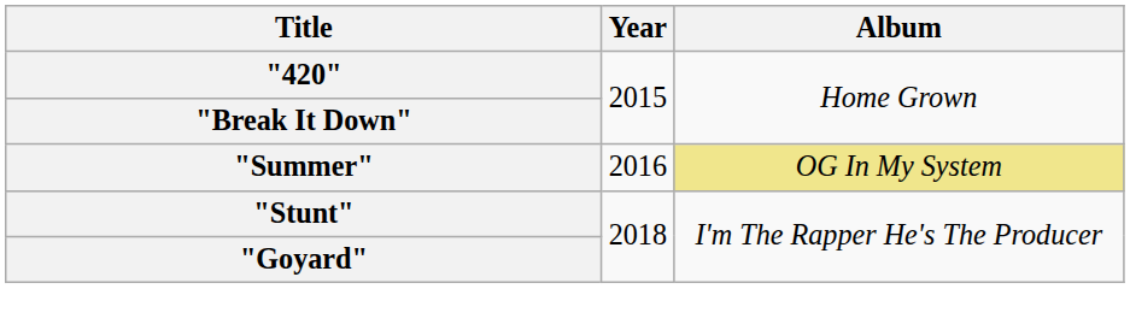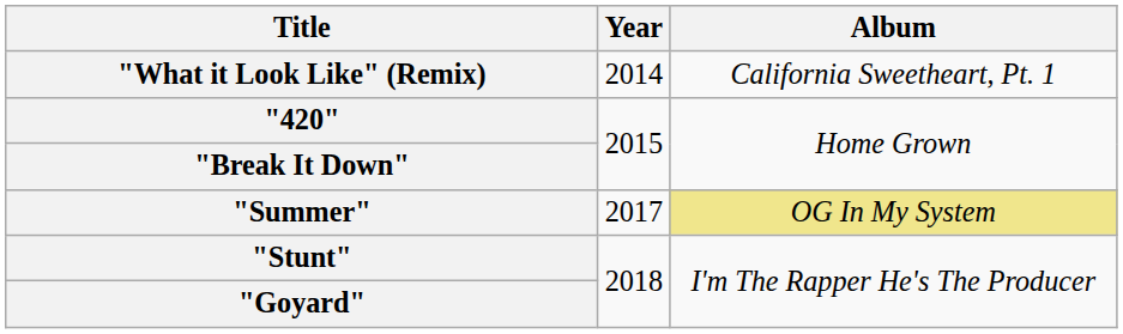 <table class="wikitable plainrowheaders" style="text-align:center;">
 <tr>
 <th scope="col" style="width:20em;">Title</th>
 <th scope="col" style="width:1em;">Year</th>
 <th scope="col" style="width:15em;">Album</th>
+</tr>
+<tr>
+<th scope="row">"What it Look Like" (Remix)<br></th>
+<td>2014</td>
+<td><em>California Sweetheart, Pt. 1</em></td>
 </tr>
 <tr>
 <th scope="row">"420"<br></th>
 <td rowspan="2">2015</td>
 <td rowspan="2"><em>Home Grown</em></td>
 </tr>
 <tr>
 <th scope="row">"Break It Down"</th>
 </tr>
 <tr>
 <th scope="row">"Summer"</th>
-<td>2016</td>
+<td>2017</td>
 <td style="background: khaki;"><em>OG In My System</em></td>
 </tr>
 <tr>
 <th scope="row">"Stunt"</th>
 <td rowspan="2">2018</td>
 <td rowspan="2"><em>I'm The Rapper He's The Producer</em></td>
 </tr>
 <tr>
 <th scope="row">"Goyard"</th>
 </tr>
 </table>
